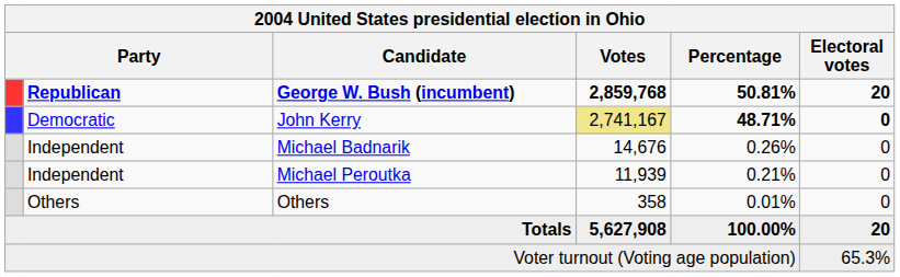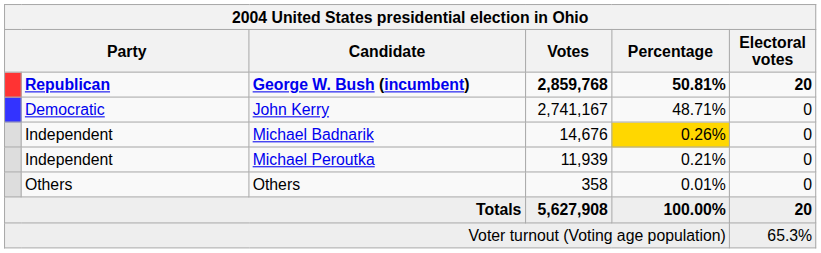 <table class="wikitable" style="font-size: 95%;">
 <tr>
 <th colspan="6">2004 United States presidential election in Ohio</th>
 </tr>
 <tr>
 <th colspan="2" style="width: 15em">Party</th>
 <th style="width: 17em">Candidate</th>
 <th style="width: 5em">Votes</th>
 <th style="width: 7em">Percentage</th>
 <th style="width: 5em">Electoral votes</th>
 </tr>
 <tr>
 <th style="background-color:#FF3333; width: 3px"></th>
 <td style="width: 130px"><strong><a href='#'>Republican</a></strong></td>
 <td><strong><a href='#'>George W. Bush</a> (<a href='#'>incumbent</a>)</strong></td>
 <td align="right"><strong>2,859,768</strong></td>
 <td align="right"><strong>50.81%</strong></td>
 <td align="right"><strong>20</strong></td>
 </tr>
 <tr>
 <th style="background-color:#3333FF; width: 3px"></th>
 <td style="width: 130px"><a href='#'>Democratic</a></td>
 <td><a href='#'>John Kerry</a></td>
-<td align="right" style="background: khaki;">2,741,167</td>
-<td align="right"><strong>48.71%</strong></td>
-<td align="right"><strong>0</strong></td>
+<td align="right">2,741,167</td>
+<td align="right">48.71%</td>
+<td align="right">0</td>
 </tr>
 <tr>
 <th style="background-color:#DDDDDD; width: 3px"></th>
 <td style="width: 130px">Independent</td>
 <td><a href='#'>Michael Badnarik</a></td>
 <td align="right">14,676</td>
-<td align="right">0.26%</td>
+<td align="right" style="background: gold;">0.26%</td>
 <td align="right">0</td>
 </tr>
 <tr>
 <th style="background-color:#DDDDDD; width: 3px"></th>
 <td style="width: 130px">Independent</td>
 <td><a href='#'>Michael Peroutka</a></td>
 <td align="right">11,939</td>
 <td align="right">0.21%</td>
 <td align="right">0</td>
 </tr>
 <tr>
 <th style="background-color:#DDDDDD; width: 3px"></th>
 <td style="width: 130px">Others</td>
 <td>Others</td>
 <td align="right">358</td>
 <td align="right">0.01%</td>
 <td align="right">0</td>
 </tr>
 <tr bgcolor="#EEEEEE">
 <td colspan="3" align="right"><strong>Totals</strong></td>
 <td align="right"><strong>5,627,908</strong></td>
 <td align="right"><strong>100.00%</strong></td>
 <td align="right"><strong>20</strong></td>
 </tr>
 <tr bgcolor="#EEEEEE">
 <td colspan="5" align="right">Voter turnout (Voting age population)</td>
 <td colspan="1" align="right">65.3%</td>
 </tr>
 </table>
